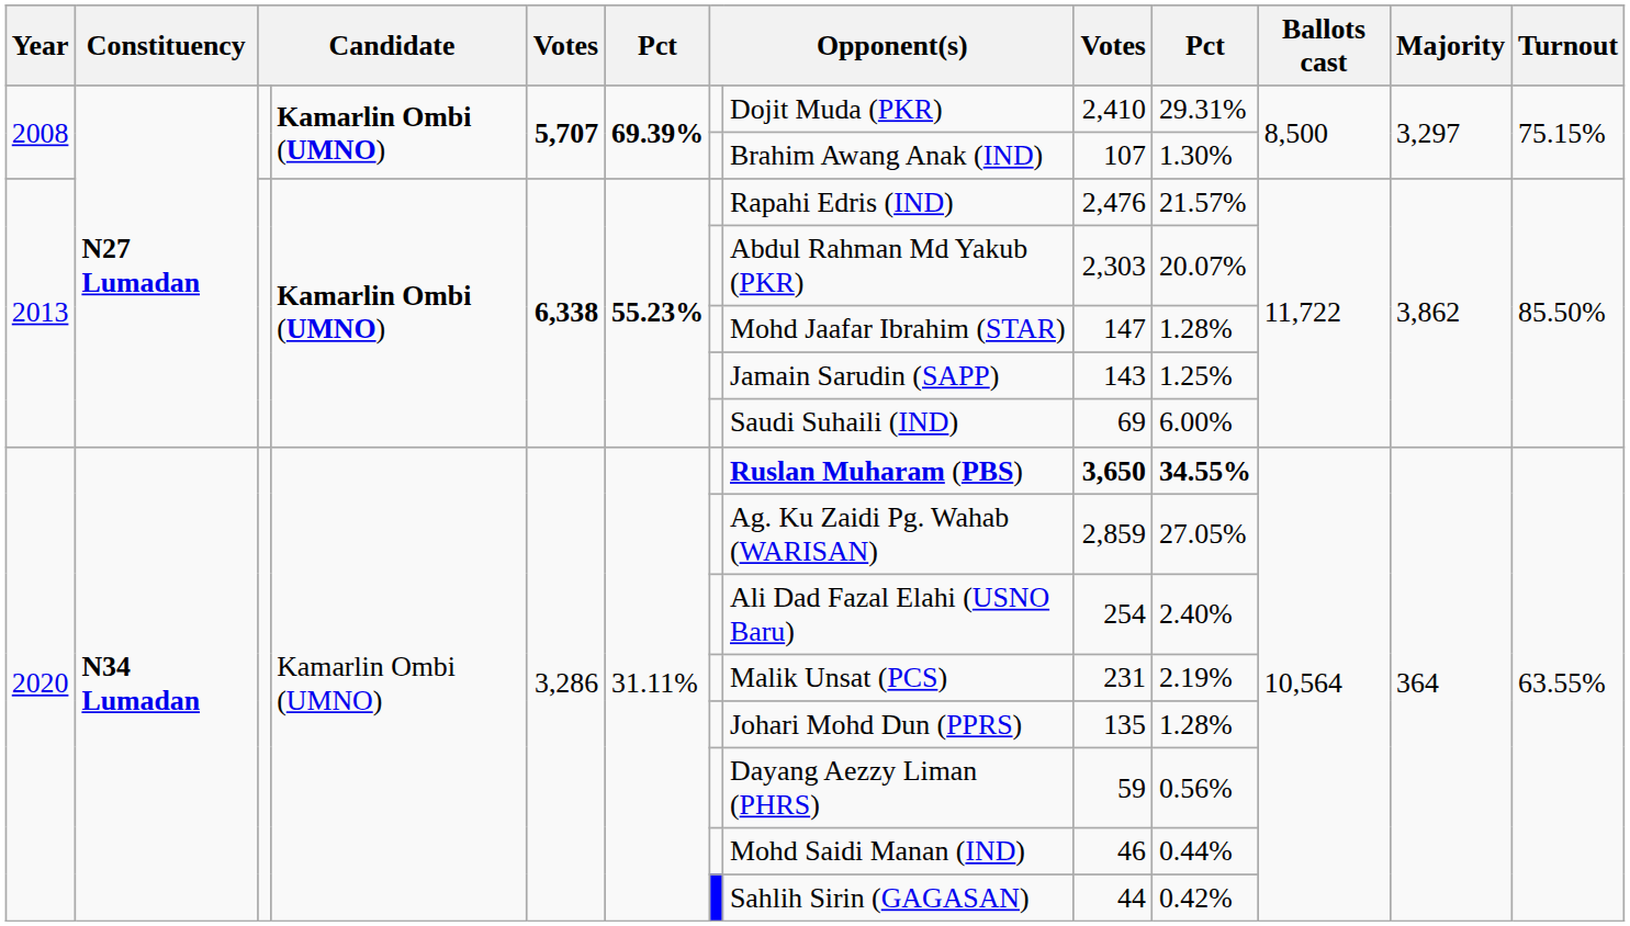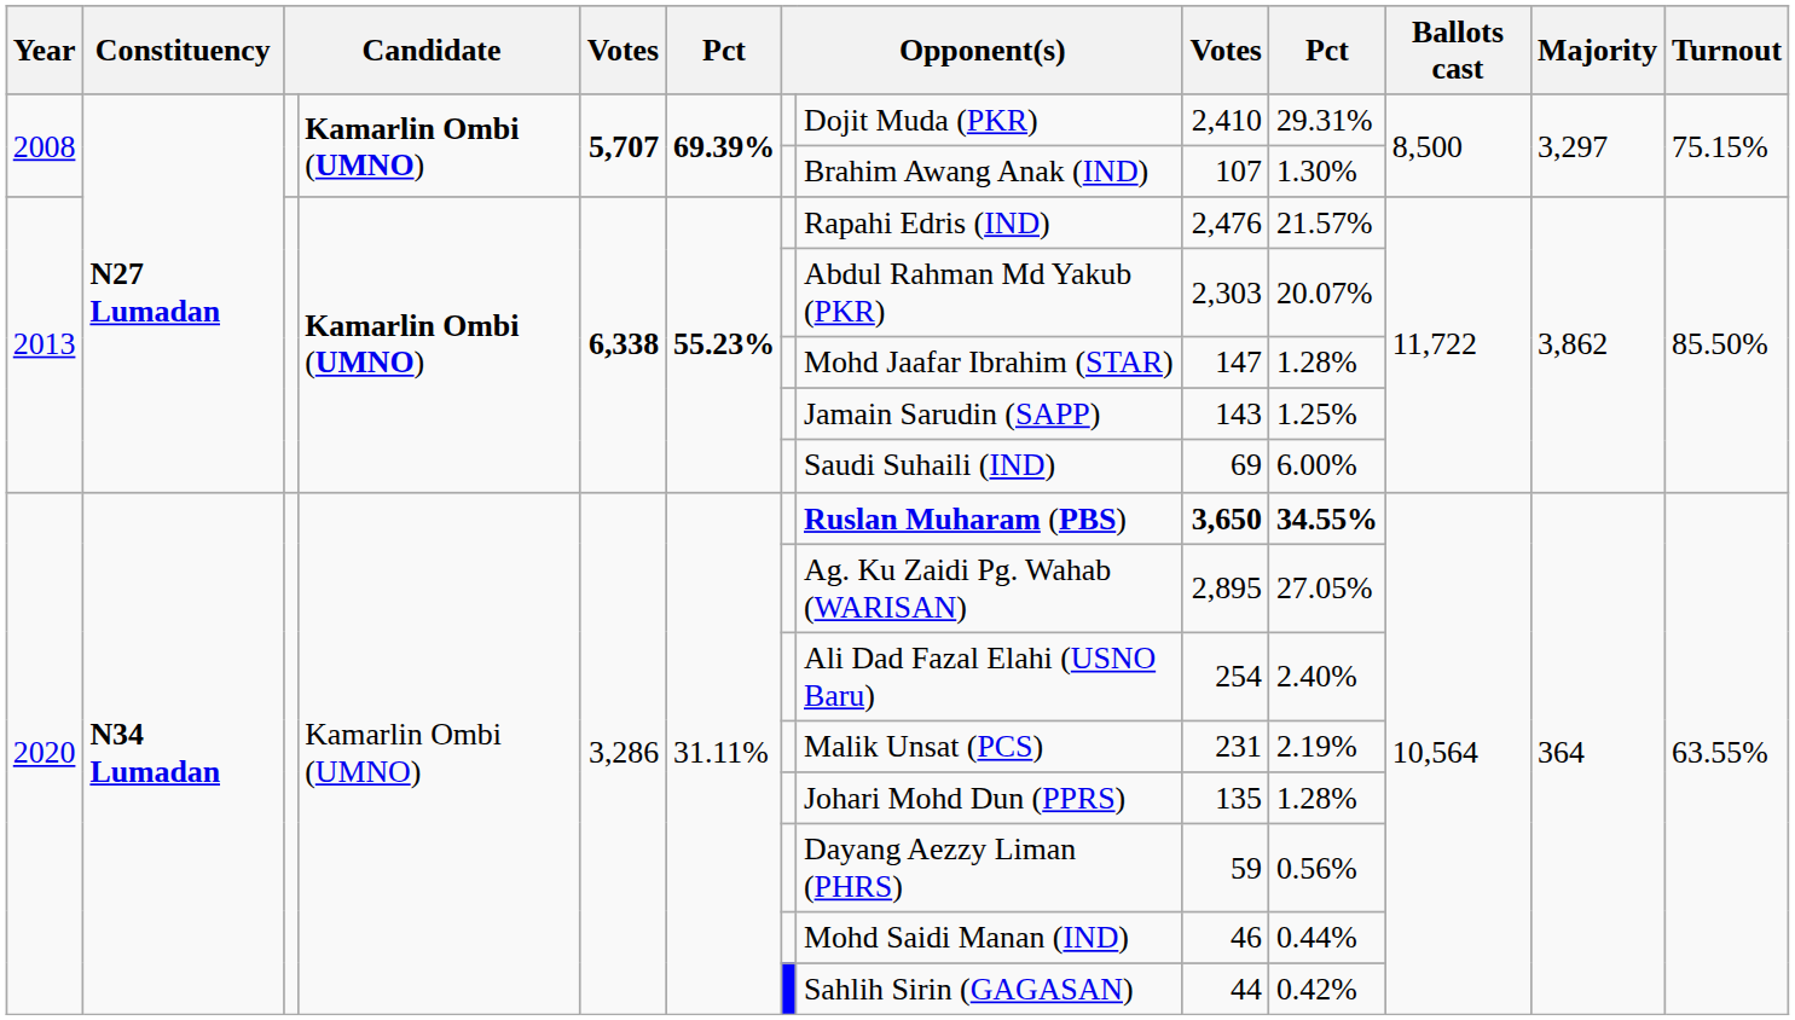 <table class="wikitable" style="margin:0.5em ; font-size:95%">
 <tr>
 <th>Year</th>
 <th>Constituency</th>
 <th colspan=2>Candidate</th>
 <th>Votes</th>
 <th>Pct</th>
 <th colspan=2>Opponent(s)</th>
 <th>Votes</th>
 <th>Pct</th>
 <th>Ballots cast</th>
 <th>Majority</th>
 <th>Turnout</th>
 </tr>
 <tr>
 <td rowspan=2><a href='#'>2008</a></td>
 <td rowspan=7><strong>N27 <a href='#'>Lumadan</a></strong></td>
 <td rowspan=2 ></td>
 <td rowspan=2><strong>Kamarlin Ombi</strong> (<a href='#'><strong>UMNO</strong></a>)</td>
 <td rowspan=2 align="right"><strong>5,707</strong></td>
 <td rowspan=2><strong>69.39%</strong></td>
 <td></td>
 <td>Dojit Muda (<a href='#'>PKR</a>)</td>
 <td align="right">2,410</td>
 <td>29.31%</td>
 <td rowspan=2>8,500</td>
 <td rowspan=2>3,297</td>
 <td rowspan=2>75.15%</td>
 </tr>
 <tr>
 <td></td>
 <td>Brahim Awang Anak (<a href='#'>IND</a>)</td>
 <td align="right">107</td>
 <td>1.30%</td>
 </tr>
 <tr>
 <td rowspan=5><a href='#'>2013</a></td>
 <td rowspan=5 ></td>
 <td rowspan=5><strong>Kamarlin Ombi</strong> (<a href='#'><strong>UMNO</strong></a>)</td>
 <td rowspan=5 align="right"><strong>6,338</strong></td>
 <td rowspan=5><strong>55.23%</strong></td>
 <td></td>
 <td>Rapahi Edris (<a href='#'>IND</a>)</td>
 <td align="right">2,476</td>
 <td>21.57%</td>
 <td rowspan=5>11,722</td>
 <td rowspan=5>3,862</td>
 <td rowspan=5>85.50%</td>
 </tr>
 <tr>
 <td></td>
 <td>Abdul Rahman Md Yakub (<a href='#'>PKR</a>)</td>
 <td align="right">2,303</td>
 <td>20.07%</td>
 </tr>
 <tr>
 <td></td>
 <td>Mohd Jaafar Ibrahim (<a href='#'>STAR</a>)</td>
 <td align="right">147</td>
 <td>1.28%</td>
 </tr>
 <tr>
 <td></td>
 <td>Jamain Sarudin (<a href='#'>SAPP</a>)</td>
 <td align="right">143</td>
 <td>1.25%</td>
 </tr>
 <tr>
 <td></td>
 <td>Saudi Suhaili (<a href='#'>IND</a>)</td>
 <td align="right">69</td>
 <td>6.00%</td>
 </tr>
 <tr>
 <td rowspan=8><a href='#'>2020</a></td>
 <td rowspan=8><strong>N34 <a href='#'>Lumadan</a></strong></td>
 <td rowspan=8 ></td>
 <td rowspan=8>Kamarlin Ombi (<a href='#'>UMNO</a>)</td>
 <td rowspan=8 align="right">3,286</td>
 <td rowspan=8>31.11%</td>
 <td></td>
 <td><strong><a href='#'>Ruslan Muharam</a></strong> (<a href='#'><strong>PBS</strong></a>)</td>
 <td align="right"><strong>3,650</strong></td>
 <td><strong>34.55%</strong></td>
 <td rowspan=8>10,564</td>
 <td rowspan=8>364</td>
 <td rowspan=8>63.55%</td>
 </tr>
 <tr>
 <td></td>
 <td>Ag. Ku Zaidi Pg. Wahab (<a href='#'>WARISAN</a>)</td>
-<td align="right">2,859</td>
+<td align="right">2,895</td>
 <td>27.05%</td>
 </tr>
 <tr>
 <td bgcolor=></td>
 <td>Ali Dad Fazal Elahi (<a href='#'>USNO Baru</a>)</td>
 <td align="right">254</td>
 <td>2.40%</td>
 </tr>
 <tr>
 <td></td>
 <td>Malik Unsat (<a href='#'>PCS</a>)</td>
 <td align="right">231</td>
 <td>2.19%</td>
 </tr>
 <tr>
 <td></td>
 <td>Johari Mohd Dun (<a href='#'>PPRS</a>)</td>
 <td align="right">135</td>
 <td>1.28%</td>
 </tr>
 <tr>
 <td></td>
 <td>Dayang Aezzy Liman (<a href='#'>PHRS</a>)</td>
 <td align="right">59</td>
 <td>0.56%</td>
 </tr>
 <tr>
 <td></td>
 <td>Mohd Saidi Manan (<a href='#'>IND</a>)</td>
 <td align="right">46</td>
 <td>0.44%</td>
 </tr>
 <tr>
 <td bgcolor=blue></td>
 <td>Sahlih Sirin (<a href='#'>GAGASAN</a>)</td>
 <td align="right">44</td>
 <td>0.42%</td>
 </tr>
 </table>
